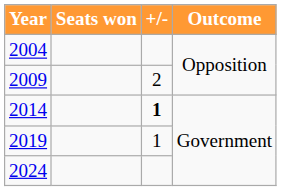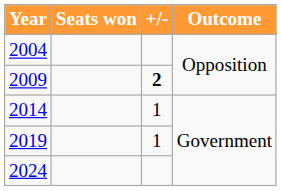 <table class="wikitable sortable">
 <tr>
 <th style="background-color:#FF9933; color:white">Year</th>
 <th style="background-color:#FF9933; color:white">Seats won</th>
 <th style="background-color:#FF9933; color:white">+/-</th>
 <th style="background-color:#FF9933; color:white">Outcome</th>
 </tr>
 <tr style="text-align:center;">
 <td><a href='#'>2004</a></td>
 <td></td>
 <td></td>
 <td rowspan="2">Opposition</td>
 </tr>
 <tr style="text-align:center;">
 <td><a href='#'>2009</a></td>
 <td></td>
-<td>2</td>
+<td><strong>2</strong></td>
 </tr>
 <tr style="text-align:center;">
 <td><a href='#'>2014</a></td>
 <td></td>
-<td><strong>1</strong></td>
+<td>1</td>
 <td rowspan="3">Government</td>
 </tr>
 <tr style="text-align:center;">
 <td><a href='#'>2019</a></td>
 <td></td>
 <td>1</td>
 </tr>
 <tr style="text-align:center;">
 <td><a href='#'>2024</a></td>
 <td></td>
 <td></td>
 </tr>
 </table>
